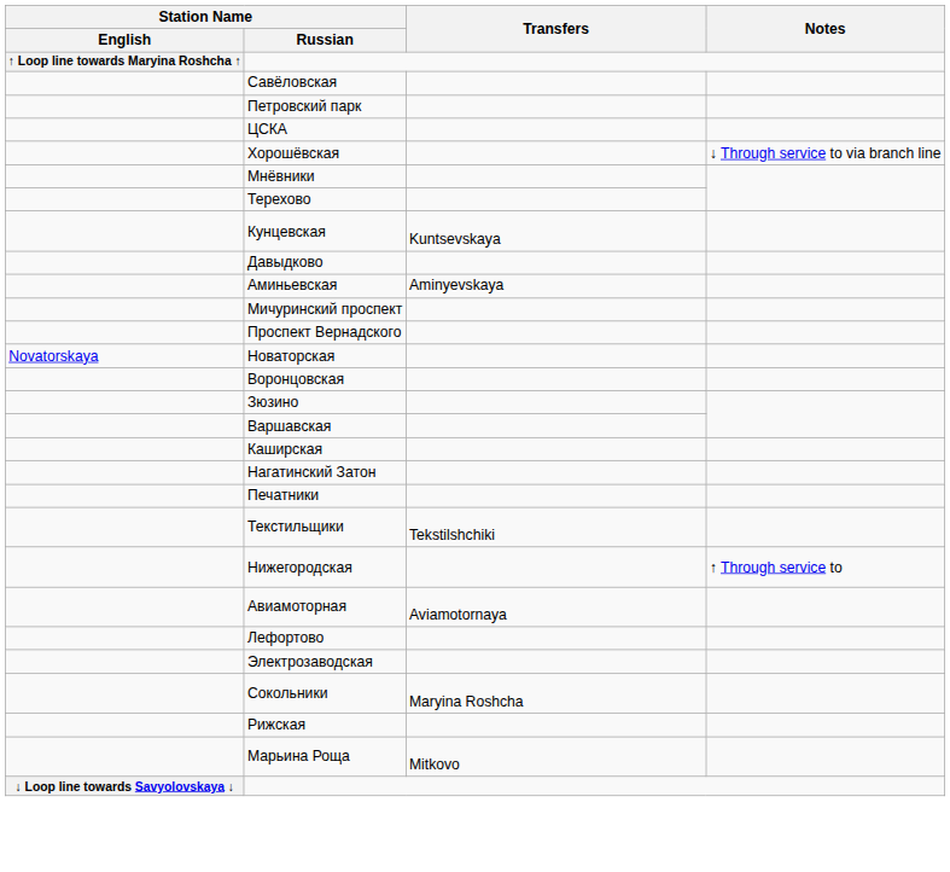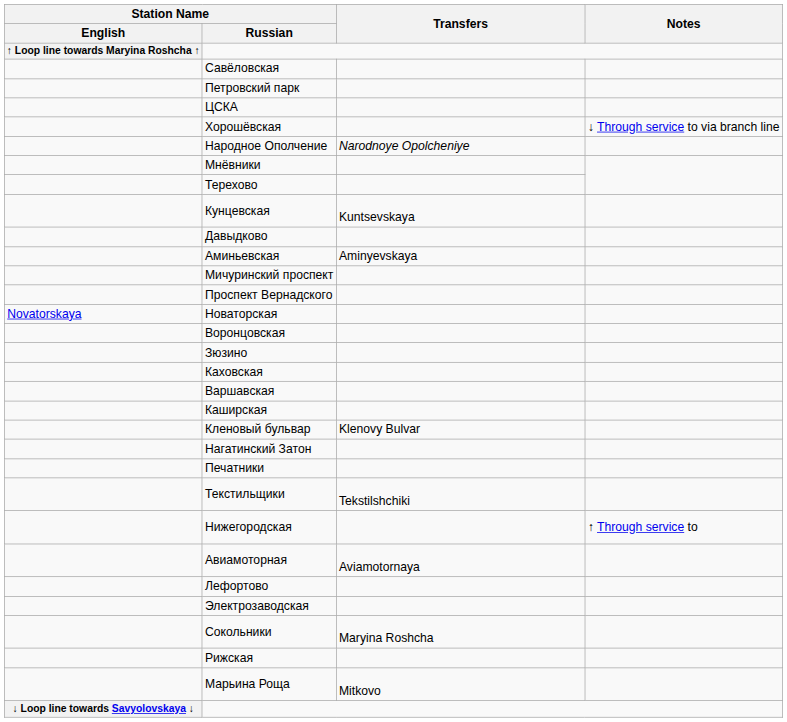 <table class="wikitable">
 <tr>
 <th colspan="2" style="min-width: 165px;">Station Name</th>
 <th rowspan=2 style="min-width: 320px;">Transfers</th>
 <th rowspan=2 style="max-width: 470px;">Notes</th>
 </tr>
 <tr>
 <th>English</th>
 <th>Russian</th>
 </tr>
 <tr>
 <th style="font-size:85%; border-top: 4pt #">↑ Loop line towards Maryina Roshcha ↑</th>
 </tr>
 <tr>
 <td></td>
 <td>Савёловская</td>
 <td><br> </td>
 <td></td>
 </tr>
 <tr>
 <td></td>
 <td>Петровский парк</td>
 <td></td>
 <td></td>
 </tr>
 <tr>
 <td></td>
 <td>ЦСКА</td>
 <td></td>
 <td></td>
 </tr>
 <tr>
 <td></td>
 <td>Хорошёвская</td>
 <td><br></td>
 <td>↓ <a href='#'>Through service</a> to  via branch line</td>
+</tr>
+<tr>
+<td></td>
+<td>Народное Ополчение</td>
+<td> <em>Narodnoye Opolcheniye</em></td>
+<td></td>
 </tr>
 <tr>
 <td></td>
 <td>Мнёвники</td>
 <td></td>
 </tr>
 <tr>
 <td></td>
 <td>Терехово</td>
 <td></td>
 </tr>
 <tr>
 <td></td>
 <td>Кунцевская</td>
 <td> <br> Kuntsevskaya</td>
 <td></td>
 </tr>
 <tr>
 <td></td>
 <td>Давыдково</td>
 <td></td>
 </tr>
 <tr>
 <td></td>
 <td>Аминьевская</td>
 <td> Aminyevskaya</td>
 <td></td>
 </tr>
 <tr>
 <td></td>
 <td>Мичуринский проспект</td>
 <td></td>
 <td></td>
 </tr>
 <tr>
 <td></td>
 <td>Проспект Вернадского</td>
 <td></td>
 <td></td>
 </tr>
 <tr>
 <td><a href='#'>Novatorskaya</a></td>
 <td>Новаторская</td>
 <td></td>
 <td></td>
 </tr>
 <tr>
 <td></td>
 <td>Воронцовская</td>
 <td></td>
 <td></td>
 </tr>
 <tr>
 <td></td>
 <td>Зюзино</td>
 <td></td>
 </tr>
 <tr>
 <td></td>
+<td>Каховская</td>
+<td></td>
+<td></td>
+</tr>
+<tr>
+<td></td>
 <td>Варшавская</td>
 <td></td>
 </tr>
 <tr>
 <td></td>
 <td>Каширская</td>
 <td></td>
+<td></td>
+</tr>
+<tr>
+<td></td>
+<td>Кленовый бульвар</td>
+<td> Klenovy Bulvar</td>
 <td></td>
 </tr>
 <tr>
 <td></td>
 <td>Нагатинский Затон</td>
 <td></td>
 </tr>
 <tr>
 <td></td>
 <td>Печатники<em></em></td>
 <td><br></td>
 <td></td>
 </tr>
 <tr>
 <td></td>
 <td>Текстильщики</td>
 <td><br> Tekstilshchiki</td>
 <td></td>
 </tr>
 <tr>
 <td></td>
 <td>Нижегородская</td>
 <td><br><br></td>
 <td>↑ <a href='#'>Through service</a> to </td>
 </tr>
 <tr>
 <td></td>
 <td>Авиамоторная</td>
 <td><br> Aviamotornaya</td>
 <td></td>
 </tr>
 <tr>
 <td></td>
 <td>Лефортово</td>
 <td></td>
 </tr>
 <tr>
 <td></td>
 <td>Электрозаводская</td>
 <td><br></td>
 <td></td>
 </tr>
 <tr>
 <td></td>
 <td>Сокольники</td>
 <td><br>  Maryina Roshcha</td>
 <td></td>
 </tr>
 <tr>
 <td></td>
 <td>Рижская<em></em></td>
 <td><br></td>
 <td></td>
 </tr>
 <tr>
 <td></td>
 <td>Марьина Роща</td>
 <td><br> Mitkovo</td>
 <td></td>
 </tr>
 <tr>
 <th style="font-size:85%; border-top: 4pt #">↓ Loop line towards <a href='#'>Savyolovskaya</a> ↓</th>
 </tr>
 </table>
